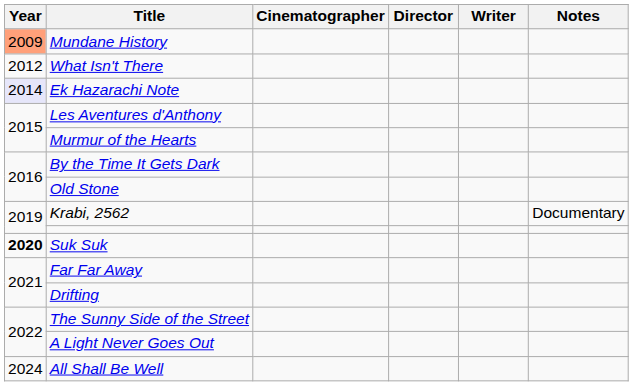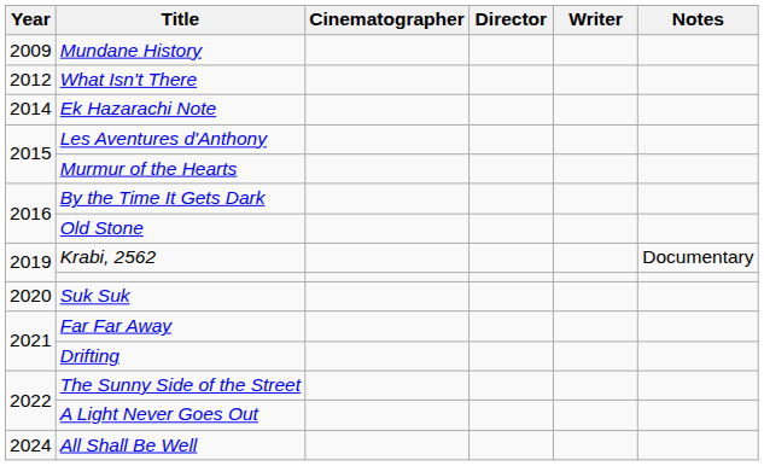 <table class="wikitable">
 <tr>
 <th>Year</th>
 <th>Title</th>
 <th style="width:65px;">Cinematographer</th>
 <th style="width:65px;">Director</th>
 <th style="width:65px;">Writer</th>
 <th>Notes</th>
 </tr>
 <tr>
-<td style="background: lightsalmon;">2009</td>
+<td>2009</td>
 <td><em><a href='#'>Mundane History</a></em></td>
 <td></td>
 <td></td>
 <td></td>
 <td></td>
 </tr>
 <tr>
 <td>2012</td>
 <td><em><a href='#'>What Isn't There</a></em></td>
 <td></td>
 <td></td>
 <td></td>
 <td></td>
 </tr>
 <tr>
-<td style="background: lavender;">2014</td>
+<td>2014</td>
 <td><em><a href='#'>Ek Hazarachi Note</a></em></td>
 <td></td>
 <td></td>
 <td></td>
 <td></td>
 </tr>
 <tr>
 <td rowspan="2">2015</td>
 <td><em><a href='#'>Les Aventures d'Anthony</a></em></td>
 <td></td>
 <td></td>
 <td></td>
 <td></td>
 </tr>
 <tr>
 <td><em><a href='#'>Murmur of the Hearts</a></em></td>
 <td></td>
 <td></td>
 <td></td>
 <td></td>
 </tr>
 <tr>
 <td rowspan="2">2016</td>
 <td><em><a href='#'>By the Time It Gets Dark</a></em></td>
 <td></td>
 <td></td>
 <td></td>
 <td></td>
 </tr>
 <tr>
 <td><em><a href='#'>Old Stone</a></em></td>
 <td></td>
 <td></td>
 <td></td>
 <td></td>
 </tr>
 <tr>
 <td rowspan="2">2019</td>
 <td><em>Krabi, 2562</em></td>
 <td></td>
 <td></td>
 <td></td>
 <td>Documentary</td>
 </tr>
 <tr>
 <td><em></em></td>
 <td></td>
 <td></td>
 <td></td>
 <td></td>
 </tr>
 <tr>
-<td><strong>2020</strong></td>
+<td>2020</td>
 <td><em><a href='#'>Suk Suk</a></em></td>
 <td></td>
 <td></td>
 <td></td>
 <td></td>
 </tr>
 <tr>
 <td rowspan="2">2021</td>
 <td><em><a href='#'>Far Far Away</a></em></td>
 <td></td>
 <td></td>
 <td></td>
 <td></td>
 </tr>
 <tr>
 <td><em><a href='#'>Drifting</a></em></td>
 <td></td>
 <td></td>
 <td></td>
 <td></td>
 </tr>
 <tr>
 <td rowspan="2">2022</td>
 <td><em><a href='#'>The Sunny Side of the Street</a></em></td>
 <td></td>
 <td></td>
 <td></td>
 <td></td>
 </tr>
 <tr>
 <td><em><a href='#'>A Light Never Goes Out</a></em></td>
 <td></td>
 <td></td>
 <td></td>
 <td></td>
 </tr>
 <tr>
 <td>2024</td>
 <td><em><a href='#'>All Shall Be Well</a></em></td>
 <td></td>
 <td></td>
 <td></td>
 <td></td>
 </tr>
 </table>
